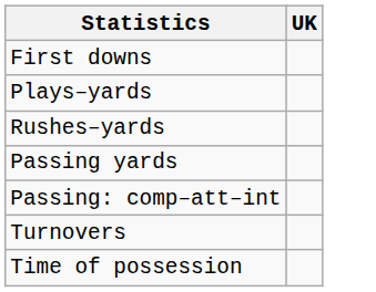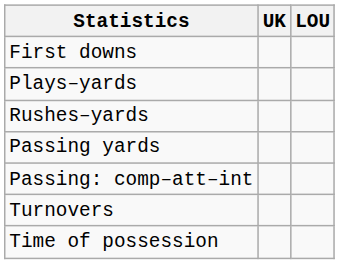 <table class="wikitable" style="float:left">
 <tr>
 <th>Statistics</th>
 <th>UK</th>
+<th>LOU</th>
 </tr>
 <tr>
 <td>First downs</td>
+<td></td>
 <td></td>
 </tr>
 <tr>
 <td>Plays–yards</td>
 <td></td>
+<td></td>
 </tr>
 <tr>
 <td>Rushes–yards</td>
+<td></td>
 <td></td>
 </tr>
 <tr>
 <td>Passing yards</td>
 <td></td>
+<td></td>
 </tr>
 <tr>
 <td>Passing: comp–att–int</td>
+<td></td>
 <td></td>
 </tr>
 <tr>
 <td>Turnovers</td>
 <td></td>
+<td></td>
 </tr>
 <tr>
 <td>Time of possession</td>
 <td></td>
+<td></td>
 </tr>
 </table>
